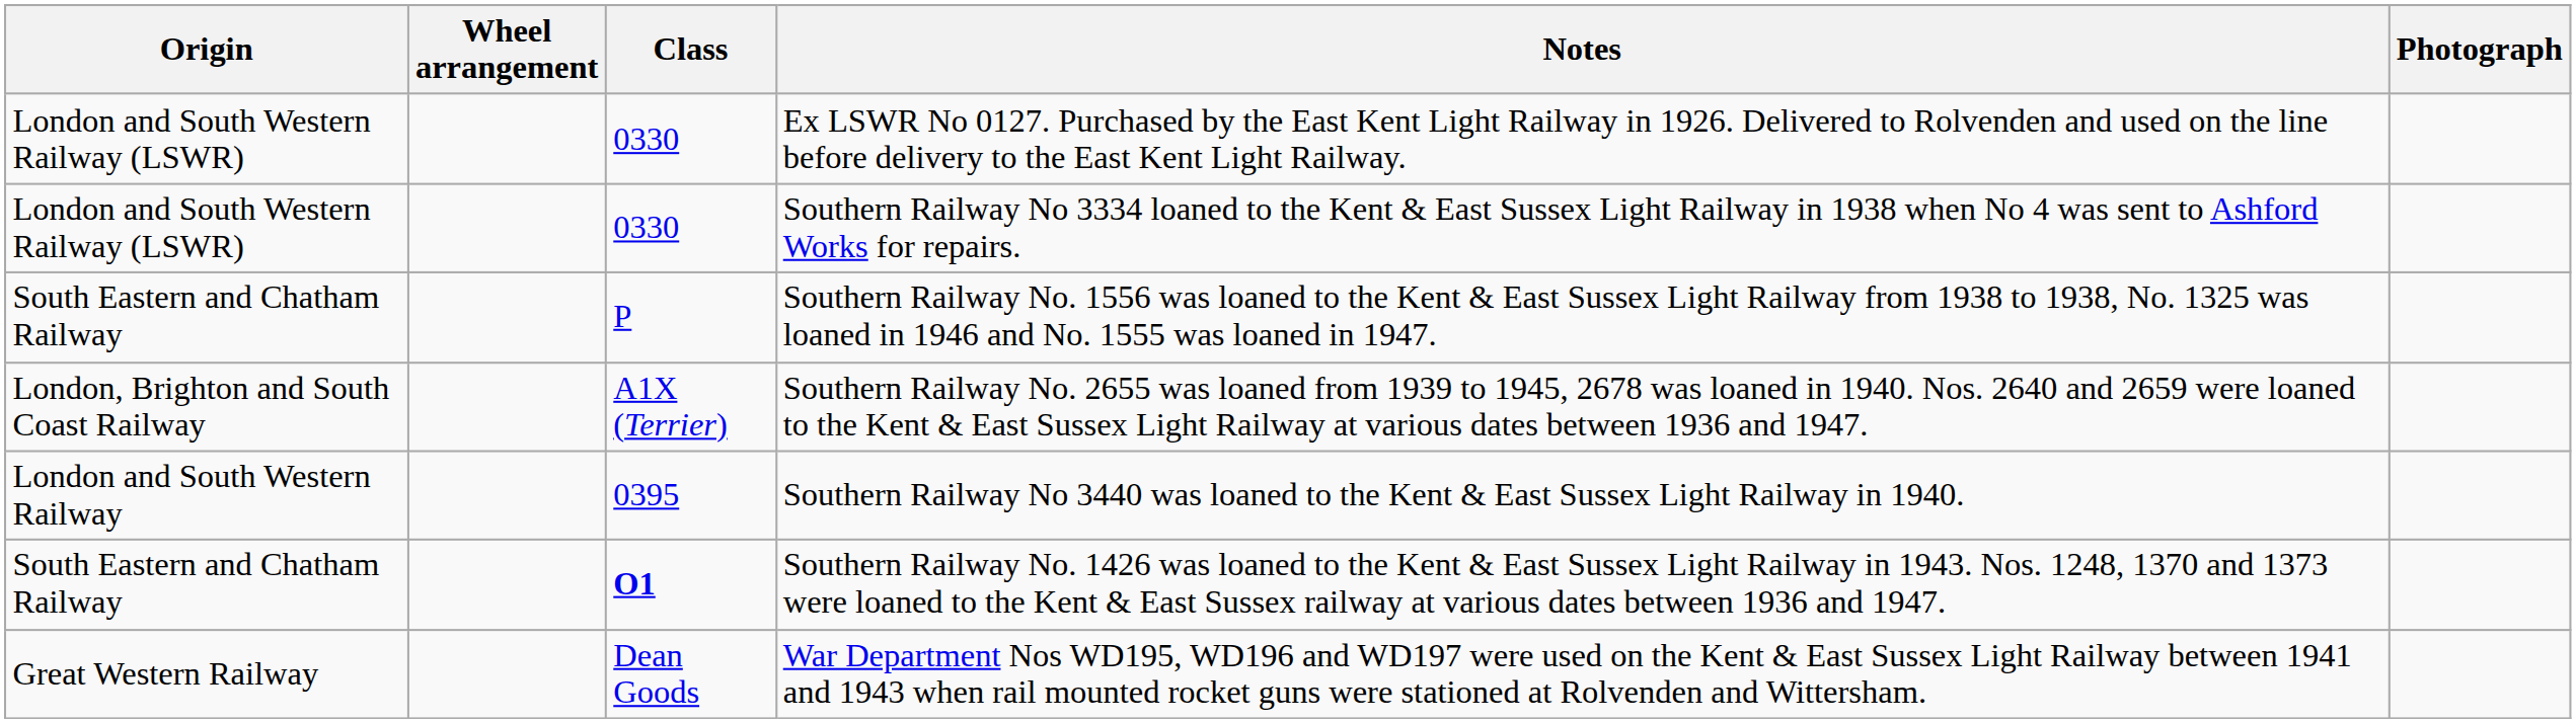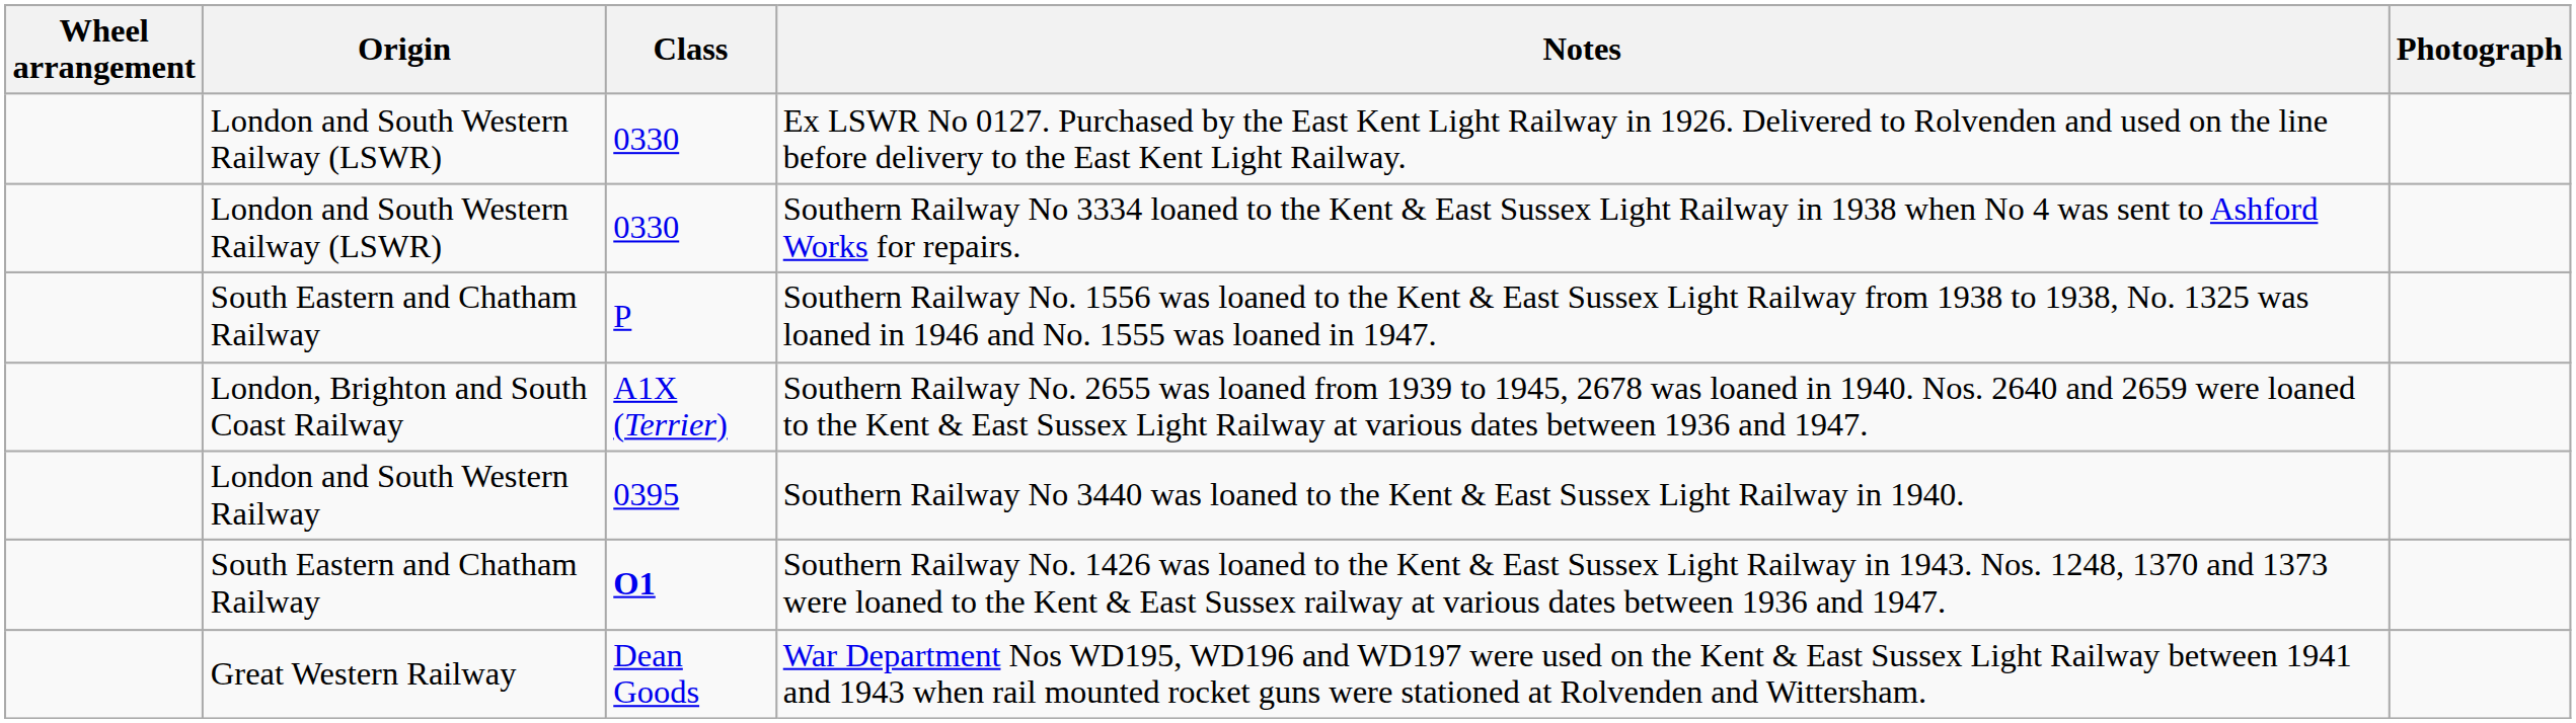 <table class="wikitable">
 <tr>
+<th>Wheel<br>arrangement</th>
 <th>Origin</th>
-<th>Wheel<br>arrangement</th>
 <th>Class</th>
 <th>Notes</th>
 <th>Photograph</th>
 </tr>
 <tr>
+<td></td>
 <td>London and South Western Railway (LSWR)</td>
-<td></td>
 <td><a href='#'>0330</a></td>
 <td>Ex LSWR No 0127. Purchased by the East Kent Light Railway in 1926. Delivered to Rolvenden and used on the line before delivery to the East Kent Light Railway.</td>
 <td></td>
 </tr>
 <tr>
+<td></td>
 <td>London and South Western Railway (LSWR)</td>
-<td></td>
 <td><a href='#'>0330</a></td>
 <td>Southern Railway No 3334 loaned to the Kent & East Sussex Light Railway in 1938 when No 4 was sent to <a href='#'>Ashford Works</a> for repairs.</td>
 <td></td>
 </tr>
 <tr>
+<td></td>
 <td>South Eastern and Chatham Railway</td>
-<td></td>
 <td><a href='#'>P</a></td>
 <td>Southern Railway No. 1556 was loaned to the Kent & East Sussex Light Railway from 1938 to 1938, No. 1325 was loaned in 1946 and No. 1555 was loaned in 1947.</td>
 <td><br> </td>
 </tr>
 <tr>
+<td></td>
 <td>London, Brighton and South Coast Railway</td>
-<td></td>
 <td><a href='#'>A1X (<em>Terrier</em>)</a></td>
 <td>Southern Railway No. 2655 was loaned from 1939 to 1945, 2678 was loaned in 1940. Nos. 2640 and 2659 were loaned to the Kent & East Sussex Light Railway at various dates between 1936 and 1947.</td>
 <td></td>
 </tr>
 <tr>
+<td></td>
 <td>London and South Western Railway</td>
-<td></td>
 <td><a href='#'>0395</a></td>
 <td>Southern Railway No 3440 was loaned to the Kent & East Sussex Light Railway in 1940.</td>
 <td></td>
 </tr>
 <tr>
+<td></td>
 <td>South Eastern and Chatham Railway</td>
-<td></td>
 <td><strong><a href='#'>O1</a></strong></td>
 <td>Southern Railway No. 1426 was loaned to the Kent & East Sussex Light Railway in 1943. Nos. 1248, 1370 and 1373 were loaned to the Kent & East Sussex railway at various dates between 1936 and 1947.</td>
 <td></td>
 </tr>
 <tr>
+<td></td>
 <td>Great Western Railway</td>
-<td></td>
 <td><a href='#'>Dean Goods</a></td>
 <td><a href='#'>War Department</a> Nos WD195, WD196 and WD197 were used on the Kent & East Sussex Light Railway between 1941 and 1943 when rail mounted rocket guns were stationed at Rolvenden and Wittersham.</td>
 <td></td>
 </tr>
 </table>
